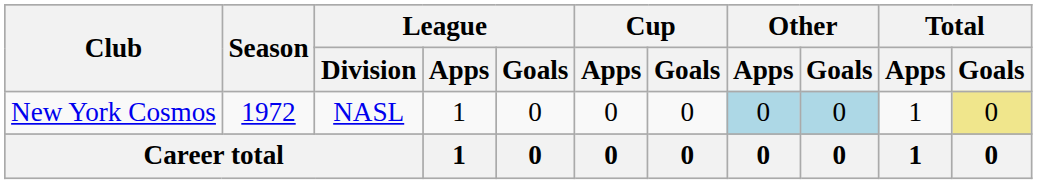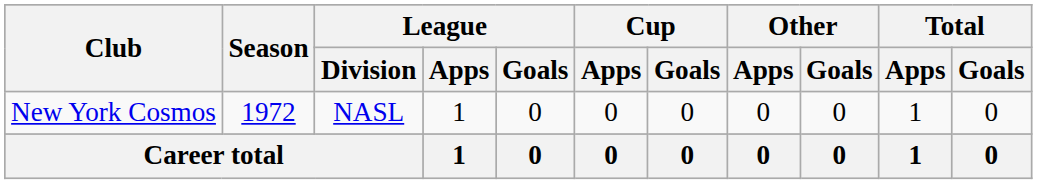 <table class="wikitable" style="text-align: center">
 <tr>
 <th rowspan="2">Club</th>
 <th rowspan="2">Season</th>
 <th colspan="3">League</th>
 <th colspan="2">Cup</th>
 <th colspan="2">Other</th>
 <th colspan="2">Total</th>
 </tr>
 <tr>
 <th>Division</th>
 <th>Apps</th>
 <th>Goals</th>
 <th>Apps</th>
 <th>Goals</th>
 <th>Apps</th>
 <th>Goals</th>
 <th>Apps</th>
 <th>Goals</th>
 </tr>
 <tr>
 <td><a href='#'>New York Cosmos</a></td>
 <td><a href='#'>1972</a></td>
 <td><a href='#'>NASL</a></td>
 <td>1</td>
 <td>0</td>
 <td>0</td>
 <td>0</td>
-<td style="background: lightblue;">0</td>
-<td style="background: lightblue;">0</td>
+<td>0</td>
+<td>0</td>
 <td>1</td>
-<td style="background: khaki;">0</td>
+<td>0</td>
 </tr>
 <tr>
 <th colspan="3"><strong>Career total</strong></th>
 <th>1</th>
 <th>0</th>
 <th>0</th>
 <th>0</th>
 <th>0</th>
 <th>0</th>
 <th>1</th>
 <th>0</th>
 </tr>
 </table>
